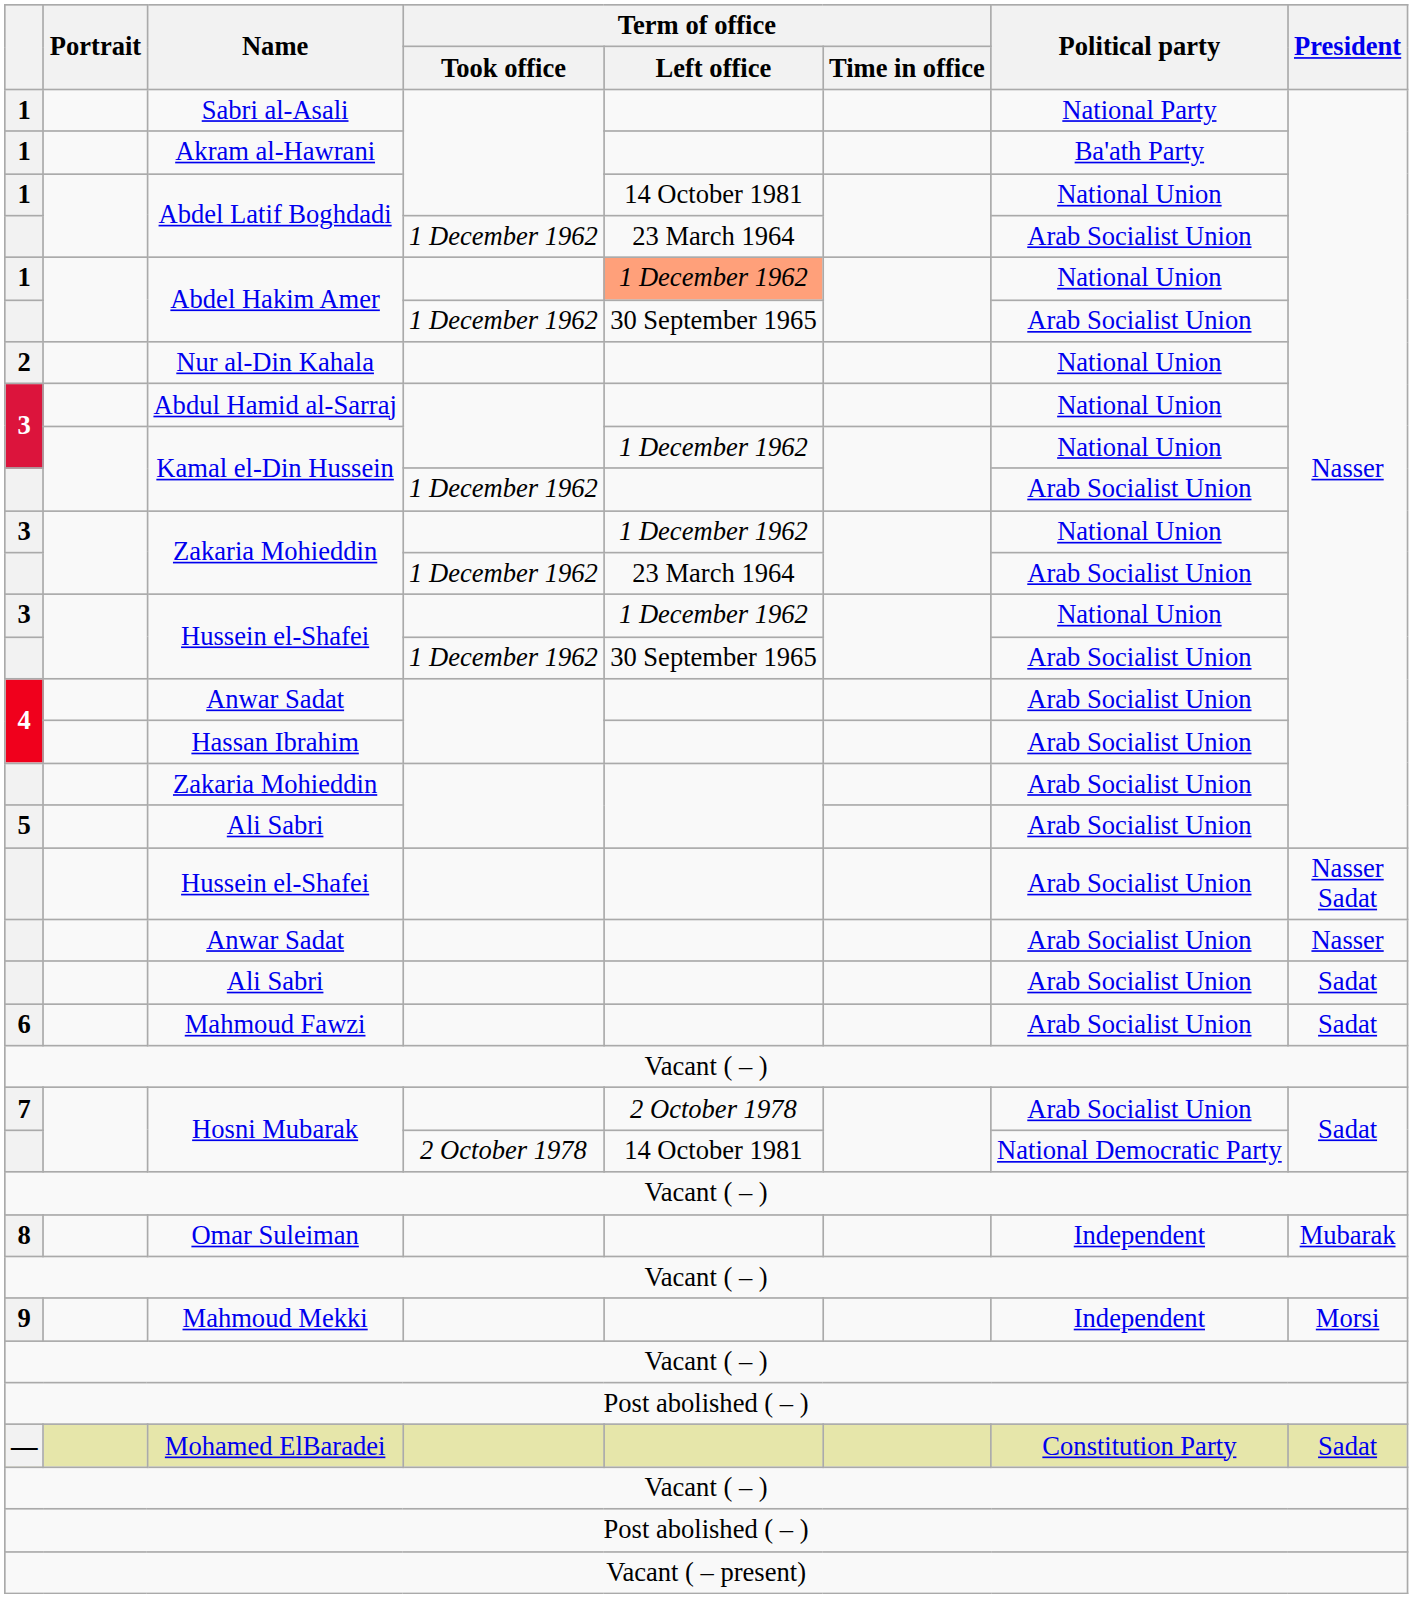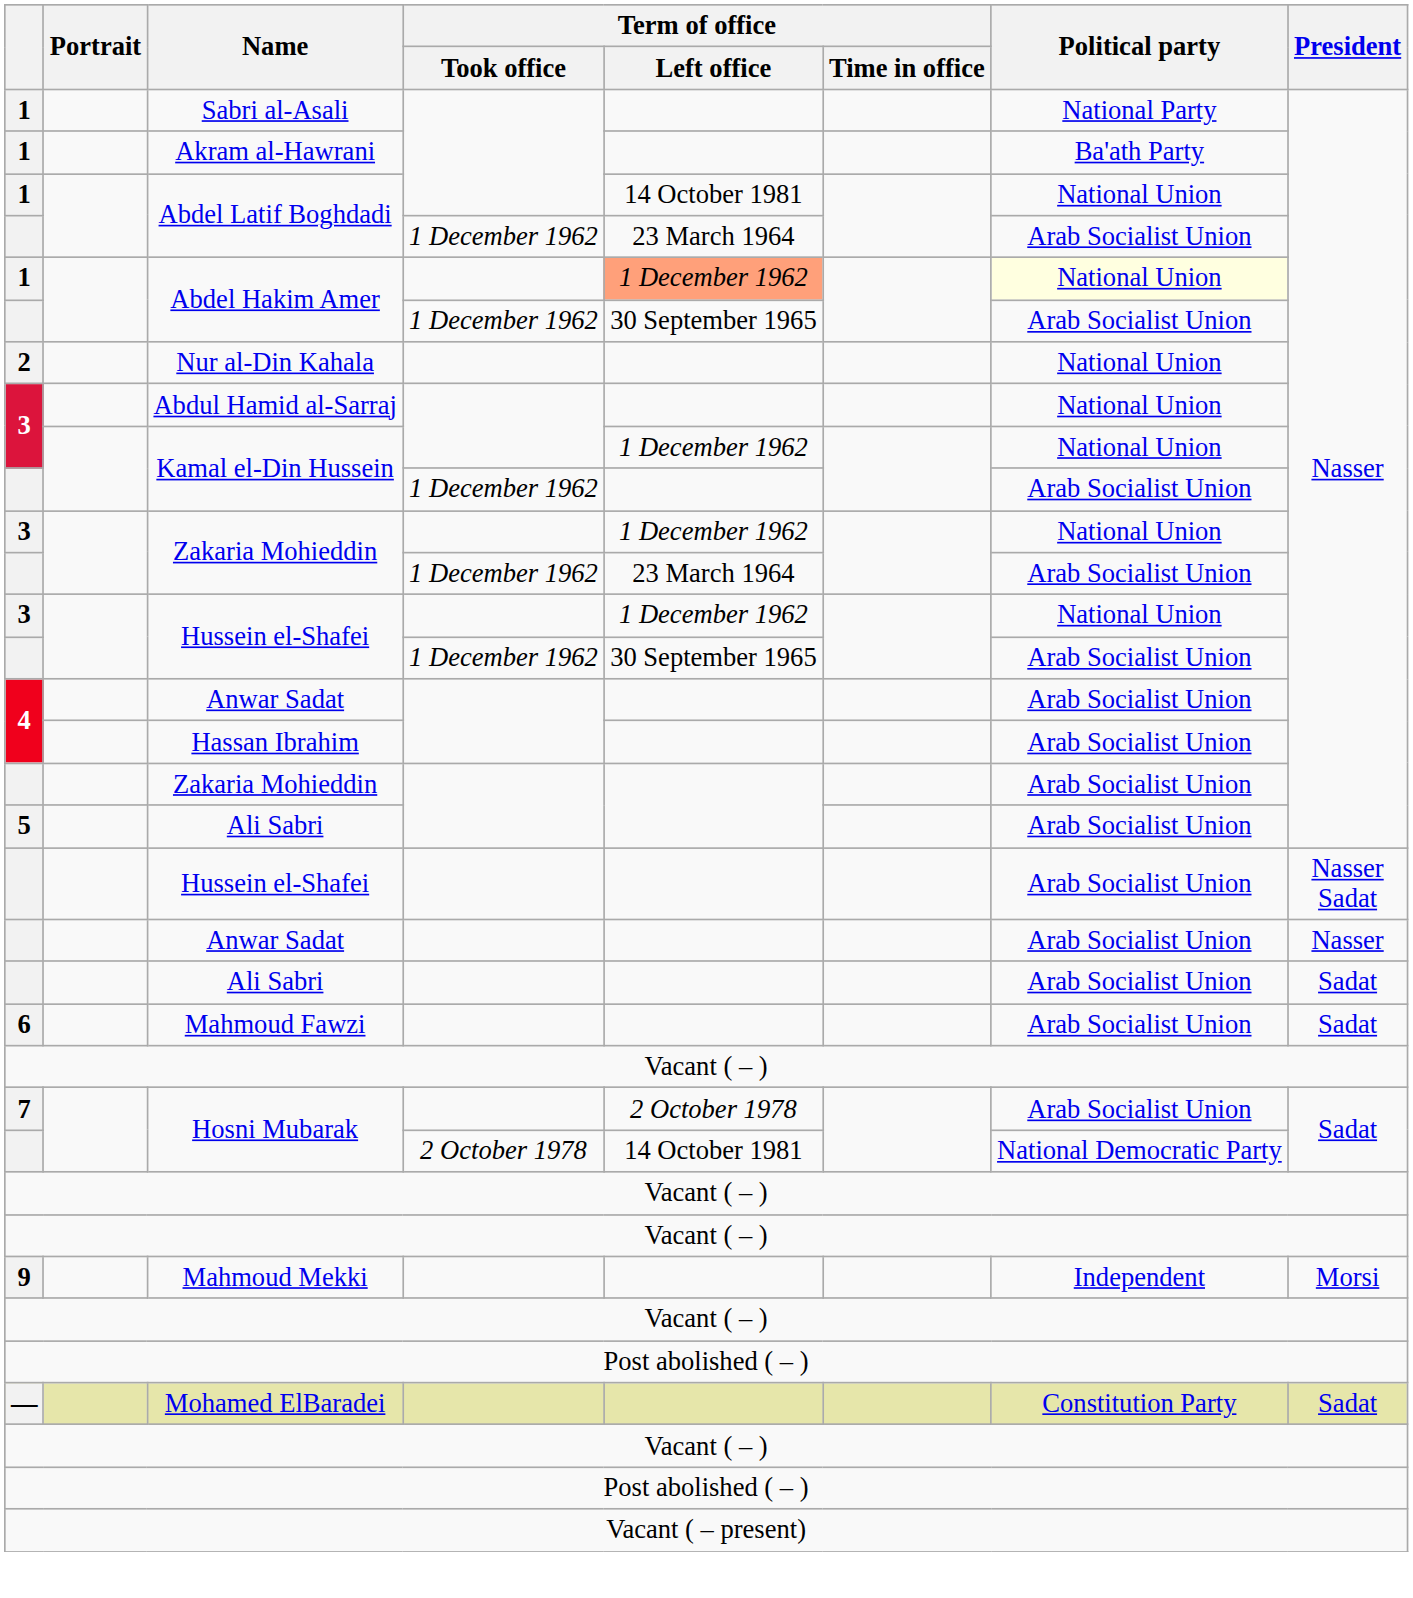 <table class="wikitable" style="text-align:center">
 <tr>
 <th rowspan=2></th>
 <th rowspan=2>Portrait</th>
 <th rowspan=2>Name<br></th>
 <th colspan=3>Term of office</th>
 <th rowspan=2>Political party</th>
 <th rowspan=2><a href='#'>President</a></th>
 </tr>
 <tr>
 <th>Took office</th>
 <th>Left office</th>
 <th>Time in office</th>
 </tr>
 <tr>
 <th style="background:">1</th>
 <td></td>
 <td><a href='#'>Sabri al-Asali</a><br></td>
 <td rowspan="3"></td>
 <td></td>
 <td></td>
 <td><a href='#'>National Party</a></td>
 <td rowspan="18"><a href='#'>Nasser</a></td>
 </tr>
 <tr>
 <th style="background:">1</th>
 <td></td>
 <td><a href='#'>Akram al-Hawrani</a><br></td>
 <td></td>
 <td></td>
 <td><a href='#'>Ba'ath Party</a><br></td>
 </tr>
 <tr>
 <th style="background:">1</th>
 <td rowspan=2></td>
 <td rowspan=2><a href='#'>Abdel Latif Boghdadi</a><br></td>
 <td>14 October 1981</td>
 <td rowspan=2></td>
 <td><a href='#'>National Union</a></td>
 </tr>
 <tr>
 <th style="background:"></th>
 <td><em>1 December 1962</em></td>
 <td>23 March 1964</td>
 <td><a href='#'>Arab Socialist Union</a></td>
 </tr>
 <tr>
 <th style="background:">1</th>
 <td rowspan=2></td>
 <td rowspan=2><a href='#'>Abdel Hakim Amer</a><br></td>
 <td></td>
 <td style="background: lightsalmon;"><em>1 December 1962</em></td>
 <td rowspan=2></td>
-<td><a href='#'>National Union</a></td>
+<td style="background: lightyellow;"><a href='#'>National Union</a></td>
 </tr>
 <tr>
 <th style="background:"></th>
 <td><em>1 December 1962</em></td>
 <td>30 September 1965</td>
 <td><a href='#'>Arab Socialist Union</a></td>
 </tr>
 <tr>
 <th style="background:">2</th>
 <td></td>
 <td><a href='#'>Nur al-Din Kahala</a><br></td>
 <td></td>
 <td></td>
 <td></td>
 <td><a href='#'>National Union</a></td>
 </tr>
 <tr>
 <th rowspan="2" style="background:#DC143C; color:white;">3</th>
 <td></td>
 <td><a href='#'>Abdul Hamid al-Sarraj</a><br></td>
 <td rowspan="2"></td>
 <td></td>
 <td></td>
 <td><a href='#'>National Union</a></td>
 </tr>
 <tr>
 <td rowspan=2></td>
 <td rowspan=2><a href='#'>Kamal el-Din Hussein</a><br></td>
 <td><em>1 December 1962</em></td>
 <td rowspan=2></td>
 <td><a href='#'>National Union</a></td>
 </tr>
 <tr>
 <th style="background:"></th>
 <td><em>1 December 1962</em></td>
 <td></td>
 <td><a href='#'>Arab Socialist Union</a></td>
 </tr>
 <tr>
 <th style="background:">3</th>
 <td rowspan=2></td>
 <td rowspan=2><a href='#'>Zakaria Mohieddin</a><br></td>
 <td></td>
 <td><em>1 December 1962</em></td>
 <td rowspan=2></td>
 <td><a href='#'>National Union</a></td>
 </tr>
 <tr>
 <th style="background:"></th>
 <td><em>1 December 1962</em></td>
 <td>23 March 1964</td>
 <td><a href='#'>Arab Socialist Union</a></td>
 </tr>
 <tr>
 <th style="background:">3</th>
 <td rowspan=2></td>
 <td rowspan=2><a href='#'>Hussein el-Shafei</a><br></td>
 <td></td>
 <td><em>1 December 1962</em></td>
 <td rowspan=2></td>
 <td><a href='#'>National Union</a></td>
 </tr>
 <tr>
 <th style="background:"></th>
 <td><em>1 December 1962</em></td>
 <td>30 September 1965</td>
 <td><a href='#'>Arab Socialist Union</a></td>
 </tr>
 <tr>
 <th rowspan="2" style="background:#F0001C; color:white;">4</th>
 <td></td>
 <td><a href='#'>Anwar Sadat</a><br></td>
 <td rowspan="2"></td>
 <td></td>
 <td></td>
 <td><a href='#'>Arab Socialist Union</a></td>
 </tr>
 <tr>
 <td></td>
 <td><a href='#'>Hassan Ibrahim</a><br></td>
 <td></td>
 <td></td>
 <td><a href='#'>Arab Socialist Union</a></td>
 </tr>
 <tr>
 <th style="background:"></th>
 <td></td>
 <td><a href='#'>Zakaria Mohieddin</a><br></td>
 <td rowspan="2"></td>
 <td rowspan="2"></td>
 <td></td>
 <td><a href='#'>Arab Socialist Union</a></td>
 </tr>
 <tr>
 <th style="background:">5</th>
 <td></td>
 <td><a href='#'>Ali Sabri</a><br></td>
 <td></td>
 <td><a href='#'>Arab Socialist Union</a></td>
 </tr>
 <tr>
 <th style="background:"></th>
 <td></td>
 <td><a href='#'>Hussein el-Shafei</a><br></td>
 <td></td>
 <td></td>
 <td></td>
 <td><a href='#'>Arab Socialist Union</a></td>
 <td><a href='#'>Nasser</a><br><a href='#'>Sadat</a></td>
 </tr>
 <tr>
 <th style="background:"></th>
 <td></td>
 <td><a href='#'>Anwar Sadat</a><br></td>
 <td></td>
 <td></td>
 <td></td>
 <td><a href='#'>Arab Socialist Union</a></td>
 <td><a href='#'>Nasser</a></td>
 </tr>
 <tr>
 <th style="background:"></th>
 <td></td>
 <td><a href='#'>Ali Sabri</a><br></td>
 <td></td>
 <td></td>
 <td></td>
 <td><a href='#'>Arab Socialist Union</a></td>
 <td><a href='#'>Sadat</a></td>
 </tr>
 <tr>
 <th style="background:">6</th>
 <td></td>
 <td><a href='#'>Mahmoud Fawzi</a><br></td>
 <td></td>
 <td></td>
 <td></td>
 <td><a href='#'>Arab Socialist Union</a></td>
 <td><a href='#'>Sadat</a></td>
 </tr>
 <tr>
 <td colspan=8>Vacant ( – )</td>
 </tr>
 <tr>
 <th style="background:">7</th>
 <td rowspan=2></td>
 <td rowspan=2><a href='#'>Hosni Mubarak</a><br></td>
 <td></td>
 <td><em>2 October 1978</em></td>
 <td rowspan=2></td>
 <td><a href='#'>Arab Socialist Union</a></td>
 <td rowspan=2><a href='#'>Sadat</a></td>
 </tr>
 <tr>
 <th style="background:"></th>
 <td><em>2 October 1978</em></td>
 <td>14 October 1981</td>
 <td><a href='#'>National Democratic Party</a></td>
 </tr>
 <tr>
 <td colspan=8>Vacant ( – )</td>
 </tr>
 <tr>
-<th style="background:">8</th>
-<td></td>
-<td><a href='#'>Omar Suleiman</a><br></td>
-<td></td>
-<td></td>
-<td></td>
-<td><a href='#'>Independent</a></td>
-<td><a href='#'>Mubarak</a></td>
-</tr>
-<tr>
 <td colspan=8>Vacant ( – )</td>
 </tr>
 <tr>
 <th style="background:">9</th>
 <td></td>
 <td><a href='#'>Mahmoud Mekki</a><br></td>
 <td></td>
 <td></td>
 <td></td>
 <td><a href='#'>Independent</a></td>
 <td><a href='#'>Morsi</a></td>
 </tr>
 <tr>
 <td colspan=8>Vacant ( – )</td>
 </tr>
 <tr>
 <td colspan=8>Post abolished ( – )</td>
 </tr>
 <tr style="background:#E6E6AA">
 <th style="background:">—</th>
 <td></td>
 <td><a href='#'>Mohamed ElBaradei</a><br></td>
 <td></td>
 <td></td>
 <td></td>
 <td><a href='#'>Constitution Party</a></td>
 <td><a href='#'>Sadat</a></td>
 </tr>
 <tr>
 <td colspan=8>Vacant ( – )</td>
 </tr>
 <tr>
 <td colspan=8>Post abolished ( – )</td>
 </tr>
 <tr>
 <td colspan=8>Vacant ( – present)</td>
 </tr>
 </table>
